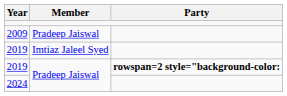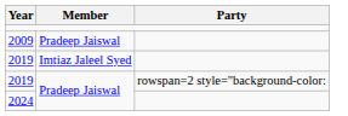 <table class="wikitable">
 <tr>
 <th>Year</th>
 <th>Member</th>
 <th colspan="2">Party</th>
 </tr>
 <tr>
 <td colspan="4"></td>
 </tr>
 <tr>
 <td><a href='#'>2009</a></td>
 <td><a href='#'>Pradeep Jaiswal</a></td>
 <td></td>
 </tr>
 <tr>
 <td><a href='#'>2019</a></td>
 <td><a href='#'>Imtiaz Jaleel Syed</a></td>
 <td></td>
 </tr>
 <tr>
 <td><a href='#'>2019</a></td>
 <td rowspan=2><a href='#'>Pradeep Jaiswal</a></td>
-<td><strong>rowspan=2 style="background-color:</strong></td>
+<td>rowspan=2 style="background-color:</td>
 </tr>
 <tr>
 <td><a href='#'>2024</a></td>
 </tr>
 </table>
